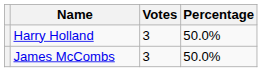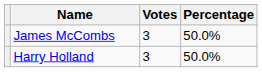 <table class="wikitable">
 <tr>
 <th></th>
 <th>Name</th>
 <th>Votes</th>
 <th>Percentage</th>
 </tr>
 <tr>
 <th style="background-color: "></th>
-<td width="150"><a href='#'>Harry Holland</a></td>
+<td><a href='#'>James McCombs</a></td>
 <td>3</td>
 <td>50.0%</td>
 </tr>
 <tr>
 <th style="background-color: "></th>
-<td><a href='#'>James McCombs</a></td>
+<td width="150"><a href='#'>Harry Holland</a></td>
 <td>3</td>
 <td>50.0%</td>
 </tr>
 </table>
